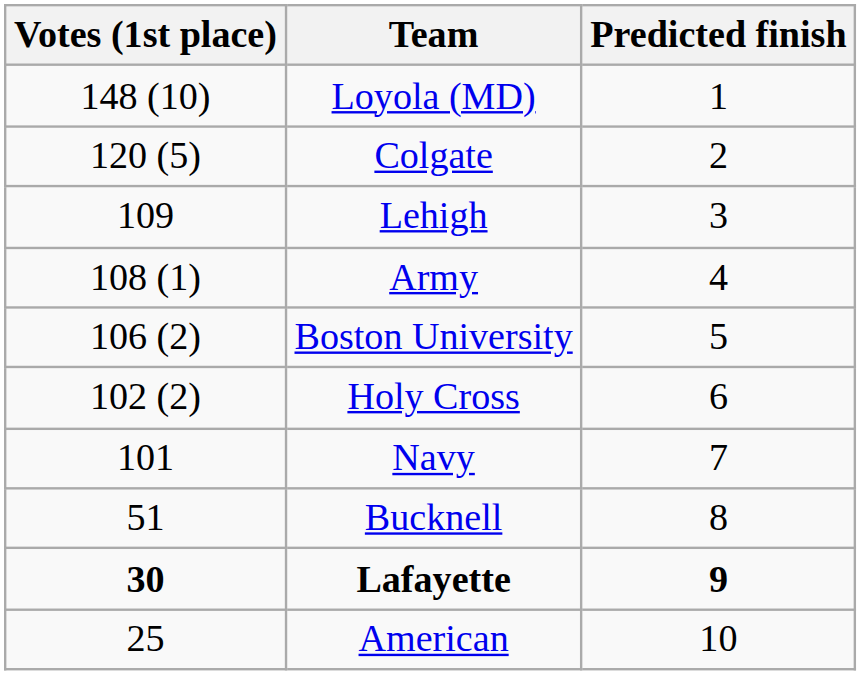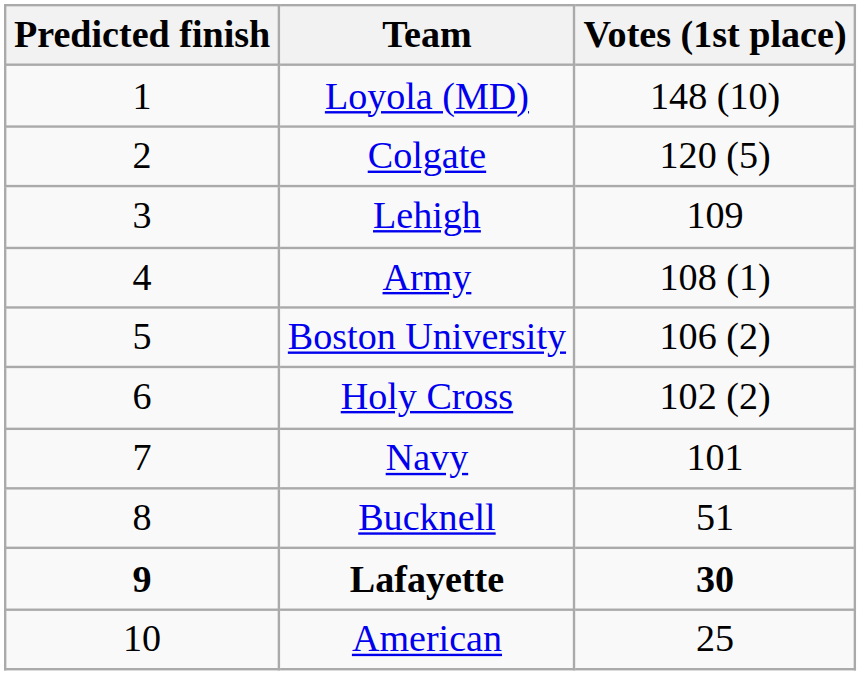 <table class="wikitable" border="1">
 <tr align=center>
+<th>Predicted finish</th>
+<th>Team</th>
 <th>Votes (1st place)</th>
-<th>Team</th>
-<th>Predicted finish</th>
 </tr>
 <tr align="center">
+<td>1</td>
+<td><a href='#'>Loyola (MD)</a></td>
 <td>148 (10)</td>
-<td><a href='#'>Loyola (MD)</a></td>
-<td>1</td>
 </tr>
 <tr align="center">
+<td>2</td>
+<td><a href='#'>Colgate</a></td>
 <td>120 (5)</td>
-<td><a href='#'>Colgate</a></td>
-<td>2</td>
 </tr>
 <tr align="center">
+<td>3</td>
+<td><a href='#'>Lehigh</a></td>
 <td>109</td>
-<td><a href='#'>Lehigh</a></td>
-<td>3</td>
 </tr>
 <tr align="center">
+<td>4</td>
+<td><a href='#'>Army</a></td>
 <td>108 (1)</td>
-<td><a href='#'>Army</a></td>
-<td>4</td>
 </tr>
 <tr align="center">
+<td>5</td>
+<td><a href='#'>Boston University</a></td>
 <td>106 (2)</td>
-<td><a href='#'>Boston University</a></td>
-<td>5</td>
 </tr>
 <tr align="center">
+<td>6</td>
+<td><a href='#'>Holy Cross</a></td>
 <td>102 (2)</td>
-<td><a href='#'>Holy Cross</a></td>
-<td>6</td>
 </tr>
 <tr align="center">
+<td>7</td>
+<td><a href='#'>Navy</a></td>
 <td>101</td>
-<td><a href='#'>Navy</a></td>
-<td>7</td>
 </tr>
 <tr align="center">
+<td>8</td>
+<td><a href='#'>Bucknell</a></td>
 <td>51</td>
-<td><a href='#'>Bucknell</a></td>
-<td>8</td>
 </tr>
 <tr align="center">
+<td><strong>9</strong></td>
+<td><strong>Lafayette</strong></td>
 <td><strong>30</strong></td>
-<td><strong>Lafayette</strong></td>
-<td><strong>9</strong></td>
 </tr>
 <tr align="center">
+<td>10</td>
+<td><a href='#'>American</a></td>
 <td>25</td>
-<td><a href='#'>American</a></td>
-<td>10</td>
 </tr>
 </table>
